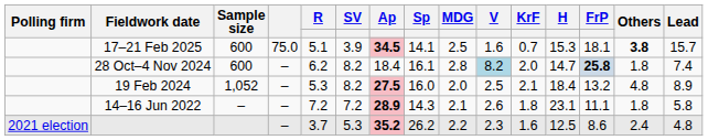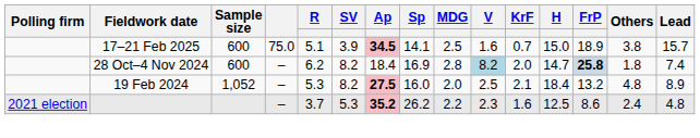 <table class="wikitable sortable mw-datatable" style="text-align:center;font-size:90%;line-height:14px;">
 <tr>
 <th rowspan="2">Polling firm</th>
 <th rowspan="2">Fieldwork date</th>
 <th rowspan="2">Sample<br>size</th>
 <th rowspan="2"></th>
 <th class="unsortable" style="width:30px;"><a href='#'>R</a></th>
 <th class="unsortable" style="width:30px;"><a href='#'>SV</a></th>
 <th class="unsortable" style="width:30px;"><a href='#'>Ap</a></th>
 <th class="unsortable" style="width:30px;"><a href='#'>Sp</a></th>
 <th class="unsortable" style="width:30px;"><a href='#'>MDG</a></th>
 <th class="unsortable" style="width:30px;"><a href='#'>V</a></th>
 <th class="unsortable" style="width:30px;"><a href='#'>KrF</a></th>
 <th class="unsortable" style="width:30px;"><a href='#'>H</a></th>
 <th class="unsortable" style="width:30px;"><a href='#'>FrP</a></th>
 <th rowspan="2" class="unsortable" style="width:30px;">Others</th>
 <th rowspan="2">Lead</th>
 </tr>
 <tr>
 <th style="background:"></th>
 <th style="background:"></th>
 <th style="background:"></th>
 <th style="background:"></th>
 <th style="background:"></th>
 <th style="background:"></th>
 <th style="background:"></th>
 <th style="background:"></th>
 <th style="background:"></th>
 </tr>
 <tr>
 <td></td>
 <td>17–21 Feb 2025</td>
 <td>600</td>
 <td>75.0</td>
 <td>5.1</td>
 <td>3.9</td>
 <td style="background:#F7BDC5;"><strong>34.5</strong></td>
 <td>14.1</td>
 <td>2.5</td>
 <td>1.6</td>
 <td>0.7</td>
-<td>15.3</td>
-<td>18.1</td>
-<td><strong>3.8</strong></td>
+<td>15.0</td>
+<td>18.9</td>
+<td>3.8</td>
 <td style="background:">15.7</td>
 </tr>
 <tr>
 <td></td>
 <td>28 Oct–4 Nov 2024</td>
 <td>600</td>
 <td>–</td>
 <td>6.2</td>
 <td>8.2</td>
 <td>18.4</td>
-<td>16.1</td>
+<td>16.9</td>
 <td>2.8</td>
 <td style="background: lightblue;">8.2</td>
 <td>2.0</td>
 <td>14.7</td>
 <td style="background:#ccdae8;"><strong>25.8</strong></td>
 <td>1.8</td>
 <td style="background:">7.4</td>
 </tr>
 <tr>
 <td></td>
 <td>19 Feb 2024</td>
 <td>1,052</td>
 <td>–</td>
 <td>5.3</td>
 <td>8.2</td>
 <td style="background:#F7BDC5;"><strong>27.5</strong></td>
 <td>16.0</td>
 <td>2.0</td>
 <td>2.5</td>
 <td>2.1</td>
 <td>18.4</td>
 <td>13.2</td>
 <td>4.8</td>
 <td style="background:">8.9</td>
 </tr>
-<tr>
-<td></td>
-<td>14–16 Jun 2022</td>
-<td>–</td>
-<td>–</td>
-<td>7.2</td>
-<td>7.2</td>
-<td style="background:#F7BDC5;"><strong>28.9</strong></td>
-<td>14.3</td>
-<td>2.1</td>
-<td>2.6</td>
-<td>1.8</td>
-<td>23.1</td>
-<td>11.1</td>
-<td>1.8</td>
-<td style="background:">5.8</td>
-</tr>
 <tr style="background:#E9E9E9;">
 <td><a href='#'>2021 election</a></td>
 <td></td>
 <td></td>
 <td>–</td>
 <td>3.7</td>
 <td>5.3</td>
 <td style="background:#F7BDC5;"><strong>35.2</strong></td>
 <td>26.2</td>
 <td>2.2</td>
 <td>2.3</td>
 <td>1.6</td>
 <td>12.5</td>
 <td>8.6</td>
 <td>2.4</td>
 <td style="background:">4.8</td>
 </tr>
 </table>
